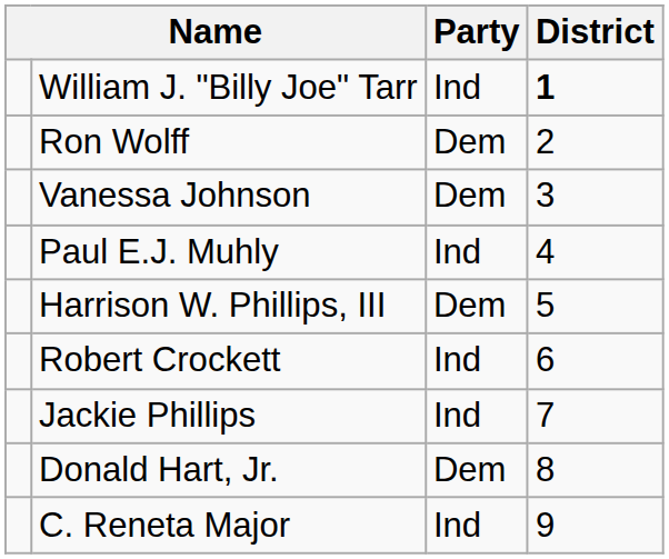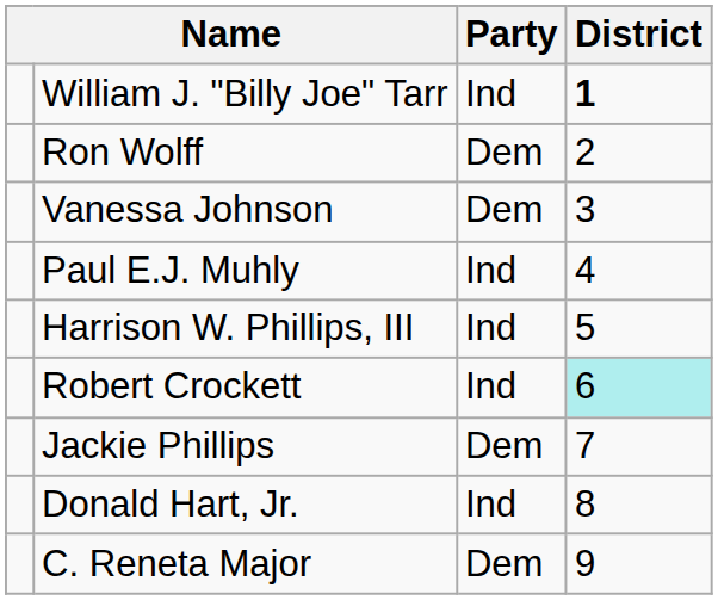 <table class=wikitable>
 <tr>
 <th colspan=2 align=center>Name</th>
 <th valign=bottom>Party</th>
 <th valign=bottom>District</th>
 </tr>
 <tr>
 <td style="background-color:"> </td>
 <td>William J. "Billy Joe" Tarr</td>
 <td>Ind</td>
 <td><strong>1</strong></td>
 </tr>
 <tr>
 <td style="background-color:"> </td>
 <td>Ron Wolff</td>
 <td>Dem</td>
 <td>2</td>
 </tr>
 <tr>
 <td style="background-color:"> </td>
 <td>Vanessa Johnson</td>
 <td>Dem</td>
 <td>3</td>
 </tr>
 <tr>
 <td style="background-color:"> </td>
 <td>Paul E.J. Muhly</td>
 <td>Ind</td>
 <td>4</td>
 </tr>
 <tr>
 <td style="background-color:"> </td>
 <td>Harrison W. Phillips, III</td>
-<td>Dem</td>
+<td>Ind</td>
 <td>5</td>
 </tr>
 <tr>
 <td style="background-color:"> </td>
 <td>Robert Crockett</td>
 <td>Ind</td>
-<td>6</td>
+<td style="background: paleturquoise;">6</td>
 </tr>
 <tr>
 <td style="background-color:"> </td>
 <td>Jackie Phillips</td>
-<td>Ind</td>
+<td>Dem</td>
 <td>7</td>
 </tr>
 <tr>
 <td style="background-color:"> </td>
 <td>Donald Hart, Jr.</td>
-<td>Dem</td>
+<td>Ind</td>
 <td>8</td>
 </tr>
 <tr>
 <td style="background-color:"> </td>
 <td>C. Reneta Major</td>
-<td>Ind</td>
+<td>Dem</td>
 <td>9</td>
 </tr>
 </table>
